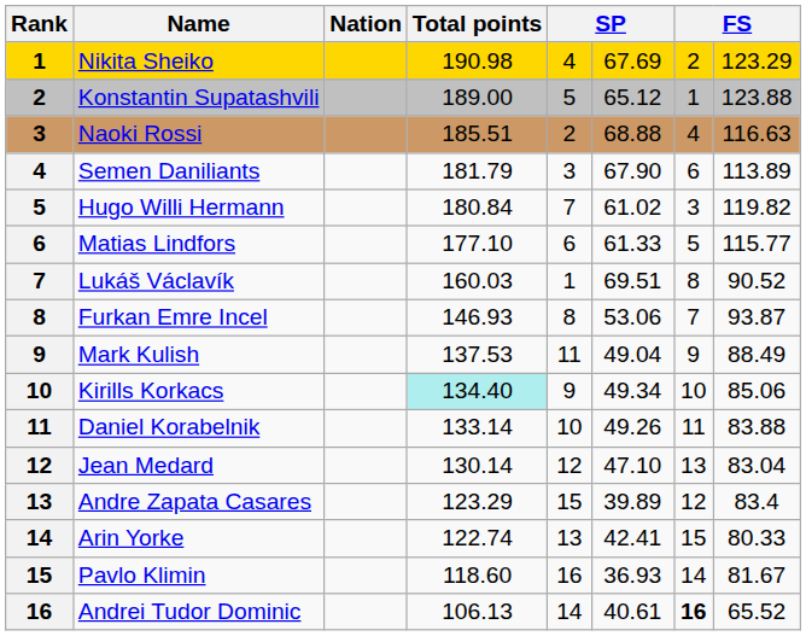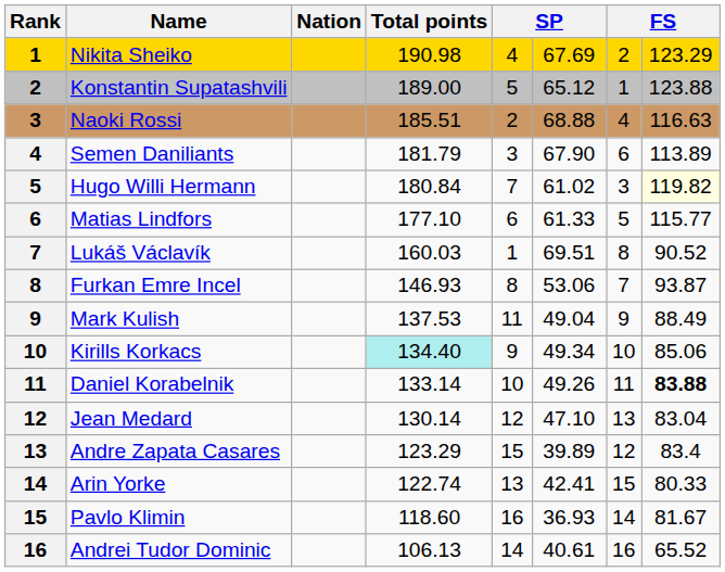 <table class="wikitable sortable" style="text-align:center;">
 <tr>
 <th>Rank</th>
 <th>Name</th>
 <th>Nation</th>
 <th>Total points</th>
 <th colspan="2" width="80px"><a href='#'>SP</a></th>
 <th colspan="2" width="80px"><a href='#'>FS</a></th>
 </tr>
 <tr bgcolor="gold">
 <td><strong>1</strong></td>
 <td align="left"><a href='#'>Nikita Sheiko</a></td>
 <td align="left"></td>
 <td>190.98</td>
 <td>4</td>
 <td>67.69</td>
 <td>2</td>
 <td>123.29</td>
 </tr>
 <tr bgcolor="silver">
 <td><strong>2</strong></td>
 <td align="left"><a href='#'>Konstantin Supatashvili</a></td>
 <td align="left"></td>
 <td>189.00</td>
 <td>5</td>
 <td>65.12</td>
 <td>1</td>
 <td>123.88</td>
 </tr>
 <tr bgcolor="CC9966">
 <td><strong>3</strong></td>
 <td align="left"><a href='#'>Naoki Rossi</a></td>
 <td align="left"></td>
 <td>185.51</td>
 <td>2</td>
 <td>68.88</td>
 <td>4</td>
 <td>116.63</td>
 </tr>
 <tr>
 <th>4</th>
 <td align="left"><a href='#'>Semen Daniliants</a></td>
 <td align="left"></td>
 <td>181.79</td>
 <td>3</td>
 <td>67.90</td>
 <td>6</td>
 <td>113.89</td>
 </tr>
 <tr>
 <th>5</th>
 <td align="left"><a href='#'>Hugo Willi Hermann</a></td>
 <td align="left"></td>
 <td>180.84</td>
 <td>7</td>
 <td>61.02</td>
 <td>3</td>
-<td>119.82</td>
+<td style="background: lightyellow;">119.82</td>
 </tr>
 <tr>
 <th>6</th>
 <td align="left"><a href='#'>Matias Lindfors</a></td>
 <td align="left"></td>
 <td>177.10</td>
 <td>6</td>
 <td>61.33</td>
 <td>5</td>
 <td>115.77</td>
 </tr>
 <tr>
 <th>7</th>
 <td align="left"><a href='#'>Lukáš Václavík</a></td>
 <td align="left"></td>
 <td>160.03</td>
 <td>1</td>
 <td>69.51</td>
 <td>8</td>
 <td>90.52</td>
 </tr>
 <tr>
 <th>8</th>
 <td align="left"><a href='#'>Furkan Emre Incel</a></td>
 <td align="left"></td>
 <td>146.93</td>
 <td>8</td>
 <td>53.06</td>
 <td>7</td>
 <td>93.87</td>
 </tr>
 <tr>
 <th>9</th>
 <td align="left"><a href='#'>Mark Kulish</a></td>
 <td align="left"></td>
 <td>137.53</td>
 <td>11</td>
 <td>49.04</td>
 <td>9</td>
 <td>88.49</td>
 </tr>
 <tr>
 <th>10</th>
 <td align="left"><a href='#'>Kirills Korkacs</a></td>
 <td align="left"></td>
 <td style="background: paleturquoise;">134.40</td>
 <td>9</td>
 <td>49.34</td>
 <td>10</td>
 <td>85.06</td>
 </tr>
 <tr>
 <th>11</th>
 <td align="left"><a href='#'>Daniel Korabelnik</a></td>
 <td align="left"></td>
 <td>133.14</td>
 <td>10</td>
 <td>49.26</td>
 <td>11</td>
-<td>83.88</td>
+<td><strong>83.88</strong></td>
 </tr>
 <tr>
 <th>12</th>
 <td align="left"><a href='#'>Jean Medard</a></td>
 <td align="left"></td>
 <td>130.14</td>
 <td>12</td>
 <td>47.10</td>
 <td>13</td>
 <td>83.04</td>
 </tr>
 <tr>
 <th>13</th>
 <td align="left"><a href='#'>Andre Zapata Casares</a></td>
 <td align="left"></td>
 <td>123.29</td>
 <td>15</td>
 <td>39.89</td>
 <td>12</td>
 <td>83.4</td>
 </tr>
 <tr>
 <th>14</th>
 <td align="left"><a href='#'>Arin Yorke</a></td>
 <td align="left"></td>
 <td>122.74</td>
 <td>13</td>
 <td>42.41</td>
 <td>15</td>
 <td>80.33</td>
 </tr>
 <tr>
 <th>15</th>
 <td align="left"><a href='#'>Pavlo Klimin</a></td>
 <td align="left"></td>
 <td>118.60</td>
 <td>16</td>
 <td>36.93</td>
 <td>14</td>
 <td>81.67</td>
 </tr>
 <tr>
 <th>16</th>
 <td align="left"><a href='#'>Andrei Tudor Dominic</a></td>
 <td align="left"></td>
 <td>106.13</td>
 <td>14</td>
 <td>40.61</td>
-<td><strong>16</strong></td>
+<td>16</td>
 <td>65.52</td>
 </tr>
 </table>
